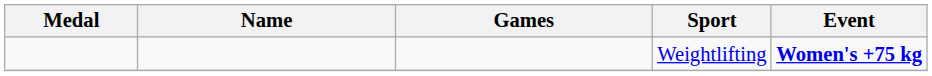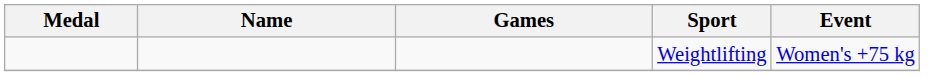 <table class="wikitable sortable">
 <tr>
 <th style="width:6em">Medal</th>
 <th style="width:12em">Name</th>
 <th style="width:12em">Games</th>
 <th>Sport</th>
 <th>Event</th>
 </tr>
 <tr>
 <td></td>
 <td></td>
 <td></td>
 <td> <a href='#'>Weightlifting</a></td>
-<td><strong><a href='#'>Women's +75 kg</a></strong></td>
+<td><a href='#'>Women's +75 kg</a></td>
 </tr>
 <tr>
 </tr>
 </table>
